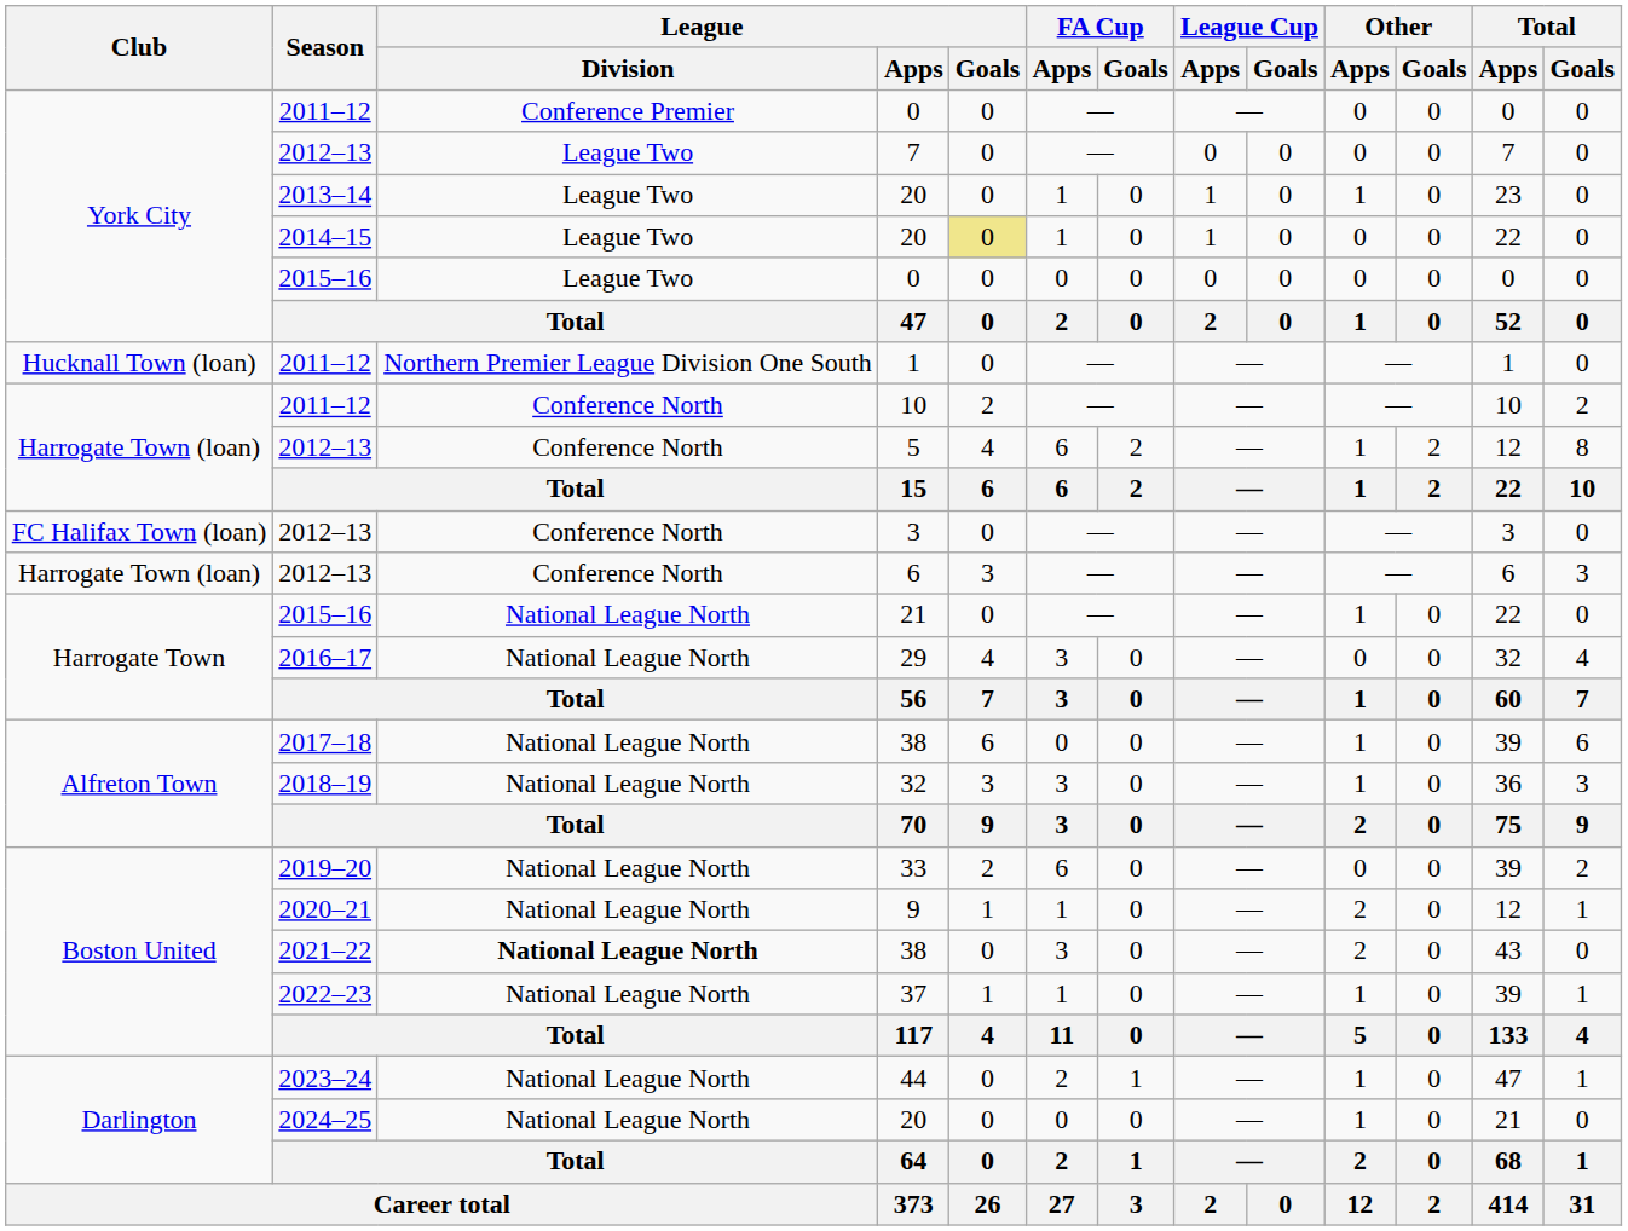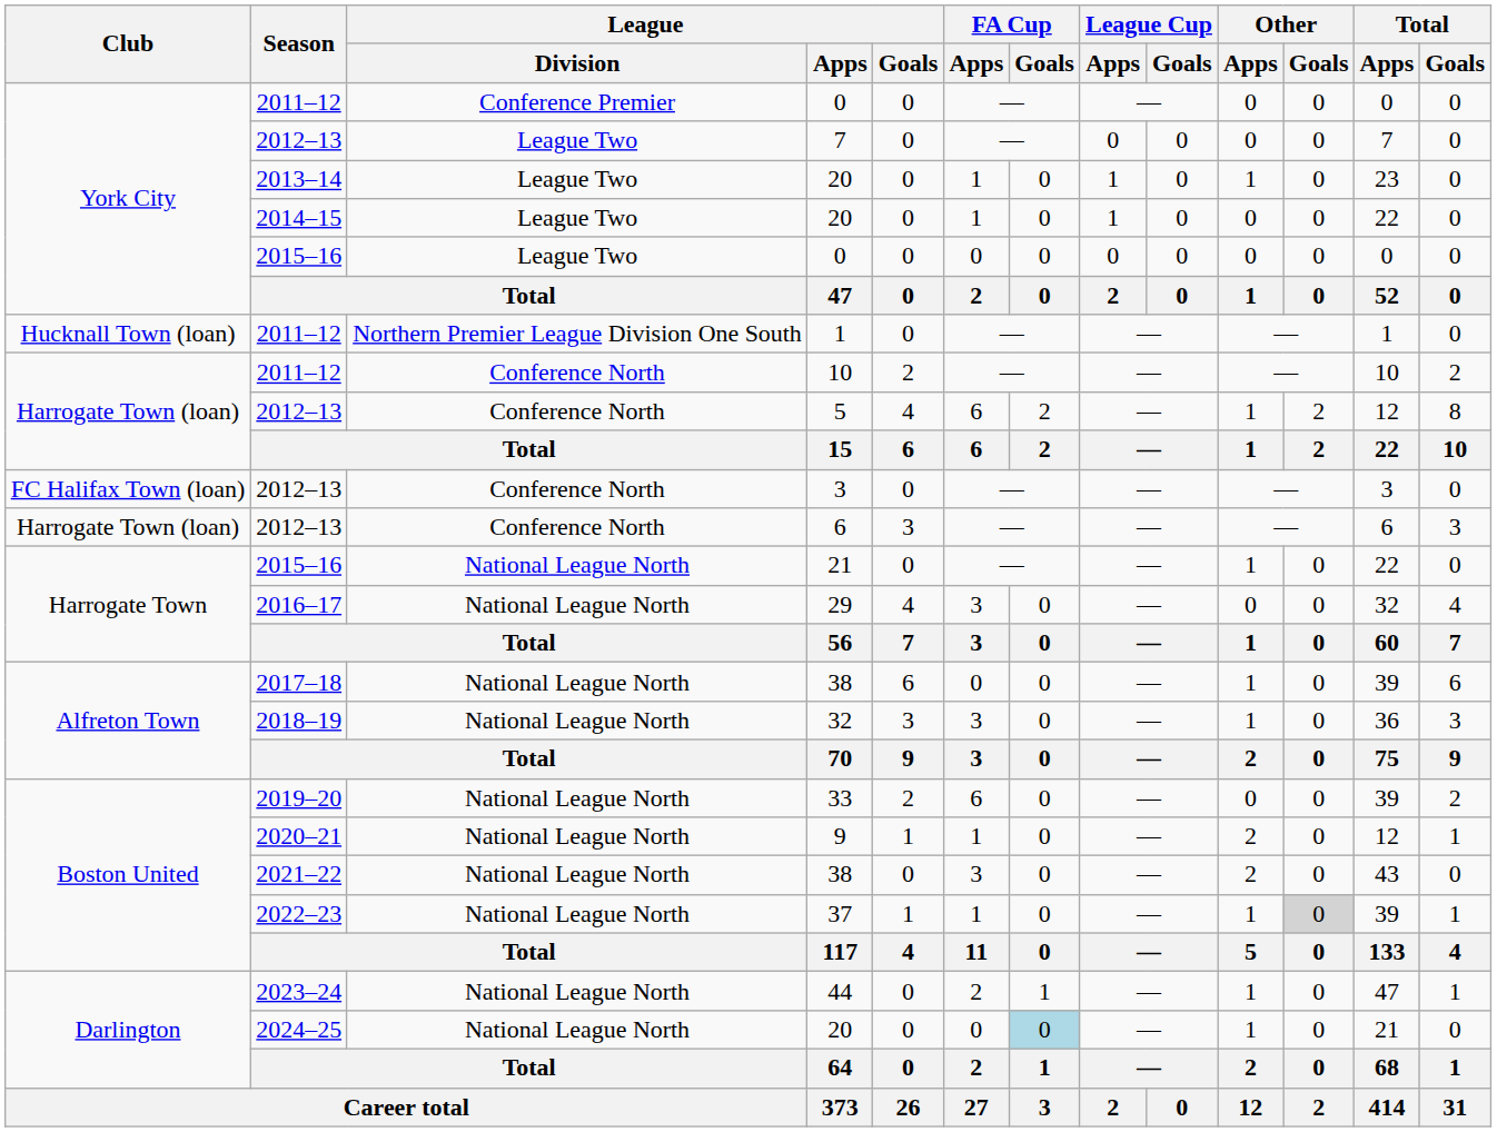 <table class=wikitable style="text-align: center">
 <tr>
 <th rowspan=2>Club</th>
 <th rowspan=2>Season</th>
 <th colspan=3>League</th>
 <th colspan=2><a href='#'>FA Cup</a></th>
 <th colspan=2><a href='#'>League Cup</a></th>
 <th colspan=2>Other</th>
 <th colspan=2>Total</th>
 </tr>
 <tr>
 <th>Division</th>
 <th>Apps</th>
 <th>Goals</th>
 <th>Apps</th>
 <th>Goals</th>
 <th>Apps</th>
 <th>Goals</th>
 <th>Apps</th>
 <th>Goals</th>
 <th>Apps</th>
 <th>Goals</th>
 </tr>
 <tr>
 <td rowspan=6><a href='#'>York City</a></td>
 <td><a href='#'>2011–12</a></td>
 <td><a href='#'>Conference Premier</a></td>
 <td>0</td>
 <td>0</td>
 <td colspan=2>—</td>
 <td colspan=2>—</td>
 <td>0</td>
 <td>0</td>
 <td>0</td>
 <td>0</td>
 </tr>
 <tr>
 <td><a href='#'>2012–13</a></td>
 <td><a href='#'>League Two</a></td>
 <td>7</td>
 <td>0</td>
 <td colspan=2>—</td>
 <td>0</td>
 <td>0</td>
 <td>0</td>
 <td>0</td>
 <td>7</td>
 <td>0</td>
 </tr>
 <tr>
 <td><a href='#'>2013–14</a></td>
 <td>League Two</td>
 <td>20</td>
 <td>0</td>
 <td>1</td>
 <td>0</td>
 <td>1</td>
 <td>0</td>
 <td>1</td>
 <td>0</td>
 <td>23</td>
 <td>0</td>
 </tr>
 <tr>
 <td><a href='#'>2014–15</a></td>
 <td>League Two</td>
 <td>20</td>
-<td style="background: khaki;">0</td>
+<td>0</td>
 <td>1</td>
 <td>0</td>
 <td>1</td>
 <td>0</td>
 <td>0</td>
 <td>0</td>
 <td>22</td>
 <td>0</td>
 </tr>
 <tr>
 <td><a href='#'>2015–16</a></td>
 <td>League Two</td>
 <td>0</td>
 <td>0</td>
 <td>0</td>
 <td>0</td>
 <td>0</td>
 <td>0</td>
 <td>0</td>
 <td>0</td>
 <td>0</td>
 <td>0</td>
 </tr>
 <tr>
 <th colspan=2>Total</th>
 <th>47</th>
 <th>0</th>
 <th>2</th>
 <th>0</th>
 <th>2</th>
 <th>0</th>
 <th>1</th>
 <th>0</th>
 <th>52</th>
 <th>0</th>
 </tr>
 <tr>
 <td><a href='#'>Hucknall Town</a> (loan)</td>
 <td><a href='#'>2011–12</a></td>
 <td><a href='#'>Northern Premier League</a> Division One South</td>
 <td>1</td>
 <td>0</td>
 <td colspan=2>—</td>
 <td colspan=2>—</td>
 <td colspan=2>—</td>
 <td>1</td>
 <td>0</td>
 </tr>
 <tr>
 <td rowspan=3><a href='#'>Harrogate Town</a> (loan)</td>
 <td><a href='#'>2011–12</a></td>
 <td><a href='#'>Conference North</a></td>
 <td>10</td>
 <td>2</td>
 <td colspan=2>—</td>
 <td colspan=2>—</td>
 <td colspan=2>—</td>
 <td>10</td>
 <td>2</td>
 </tr>
 <tr>
 <td><a href='#'>2012–13</a></td>
 <td>Conference North</td>
 <td>5</td>
 <td>4</td>
 <td>6</td>
 <td>2</td>
 <td colspan=2>—</td>
 <td>1</td>
 <td>2</td>
 <td>12</td>
 <td>8</td>
 </tr>
 <tr>
 <th colspan=2>Total</th>
 <th>15</th>
 <th>6</th>
 <th>6</th>
 <th>2</th>
 <th colspan=2>—</th>
 <th>1</th>
 <th>2</th>
 <th>22</th>
 <th>10</th>
 </tr>
 <tr>
 <td><a href='#'>FC Halifax Town</a> (loan)</td>
 <td>2012–13</td>
 <td>Conference North</td>
 <td>3</td>
 <td>0</td>
 <td colspan=2>—</td>
 <td colspan=2>—</td>
 <td colspan=2>—</td>
 <td>3</td>
 <td>0</td>
 </tr>
 <tr>
 <td>Harrogate Town (loan)</td>
 <td>2012–13</td>
 <td>Conference North</td>
 <td>6</td>
 <td>3</td>
 <td colspan=2>—</td>
 <td colspan=2>—</td>
 <td colspan=2>—</td>
 <td>6</td>
 <td>3</td>
 </tr>
 <tr>
 <td rowspan=3>Harrogate Town</td>
 <td><a href='#'>2015–16</a></td>
 <td><a href='#'>National League North</a></td>
 <td>21</td>
 <td>0</td>
 <td colspan=2>—</td>
 <td colspan=2>—</td>
 <td>1</td>
 <td>0</td>
 <td>22</td>
 <td>0</td>
 </tr>
 <tr>
 <td><a href='#'>2016–17</a></td>
 <td>National League North</td>
 <td>29</td>
 <td>4</td>
 <td>3</td>
 <td>0</td>
 <td colspan=2>—</td>
 <td>0</td>
 <td>0</td>
 <td>32</td>
 <td>4</td>
 </tr>
 <tr>
 <th colspan=2>Total</th>
 <th>56</th>
 <th>7</th>
 <th>3</th>
 <th>0</th>
 <th colspan=2>—</th>
 <th>1</th>
 <th>0</th>
 <th>60</th>
 <th>7</th>
 </tr>
 <tr>
 <td rowspan=3><a href='#'>Alfreton Town</a></td>
 <td><a href='#'>2017–18</a></td>
 <td>National League North</td>
 <td>38</td>
 <td>6</td>
 <td>0</td>
 <td>0</td>
 <td colspan=2>—</td>
 <td>1</td>
 <td>0</td>
 <td>39</td>
 <td>6</td>
 </tr>
 <tr>
 <td><a href='#'>2018–19</a></td>
 <td>National League North</td>
 <td>32</td>
 <td>3</td>
 <td>3</td>
 <td>0</td>
 <td colspan=2>—</td>
 <td>1</td>
 <td>0</td>
 <td>36</td>
 <td>3</td>
 </tr>
 <tr>
 <th colspan=2>Total</th>
 <th>70</th>
 <th>9</th>
 <th>3</th>
 <th>0</th>
 <th colspan=2>—</th>
 <th>2</th>
 <th>0</th>
 <th>75</th>
 <th>9</th>
 </tr>
 <tr>
 <td rowspan=5><a href='#'>Boston United</a></td>
 <td><a href='#'>2019–20</a></td>
 <td>National League North</td>
 <td>33</td>
 <td>2</td>
 <td>6</td>
 <td>0</td>
 <td colspan=2>—</td>
 <td>0</td>
 <td>0</td>
 <td>39</td>
 <td>2</td>
 </tr>
 <tr>
 <td><a href='#'>2020–21</a></td>
 <td>National League North</td>
 <td>9</td>
 <td>1</td>
 <td>1</td>
 <td>0</td>
 <td colspan=2>—</td>
 <td>2</td>
 <td>0</td>
 <td>12</td>
 <td>1</td>
 </tr>
 <tr>
 <td><a href='#'>2021–22</a></td>
-<td><strong>National League North</strong></td>
+<td>National League North</td>
 <td>38</td>
 <td>0</td>
 <td>3</td>
 <td>0</td>
 <td colspan=2>—</td>
 <td>2</td>
 <td>0</td>
 <td>43</td>
 <td>0</td>
 </tr>
 <tr>
 <td><a href='#'>2022–23</a></td>
 <td>National League North</td>
 <td>37</td>
 <td>1</td>
 <td>1</td>
 <td>0</td>
 <td colspan=2>—</td>
 <td>1</td>
-<td>0</td>
+<td style="background: lightgrey;">0</td>
 <td>39</td>
 <td>1</td>
 </tr>
 <tr>
 <th colspan=2>Total</th>
 <th>117</th>
 <th>4</th>
 <th>11</th>
 <th>0</th>
 <th colspan=2>—</th>
 <th>5</th>
 <th>0</th>
 <th>133</th>
 <th>4</th>
 </tr>
 <tr>
 <td rowspan=3><a href='#'>Darlington</a></td>
 <td><a href='#'>2023–24</a></td>
 <td>National League North</td>
 <td>44</td>
 <td>0</td>
 <td>2</td>
 <td>1</td>
 <td colspan="2">—</td>
 <td>1</td>
 <td>0</td>
 <td>47</td>
 <td>1</td>
 </tr>
 <tr>
 <td><a href='#'>2024–25</a></td>
 <td>National League North</td>
 <td>20</td>
 <td>0</td>
 <td>0</td>
-<td>0</td>
+<td style="background: lightblue;">0</td>
 <td colspan="2">—</td>
 <td>1</td>
 <td>0</td>
 <td>21</td>
 <td>0</td>
 </tr>
 <tr>
 <th colspan=2>Total</th>
 <th>64</th>
 <th>0</th>
 <th>2</th>
 <th>1</th>
 <th colspan="2">—</th>
 <th>2</th>
 <th>0</th>
 <th>68</th>
 <th>1</th>
 </tr>
 <tr>
 <th colspan=3>Career total</th>
 <th>373</th>
 <th>26</th>
 <th>27</th>
 <th>3</th>
 <th>2</th>
 <th>0</th>
 <th>12</th>
 <th>2</th>
 <th>414</th>
 <th>31</th>
 </tr>
 </table>
